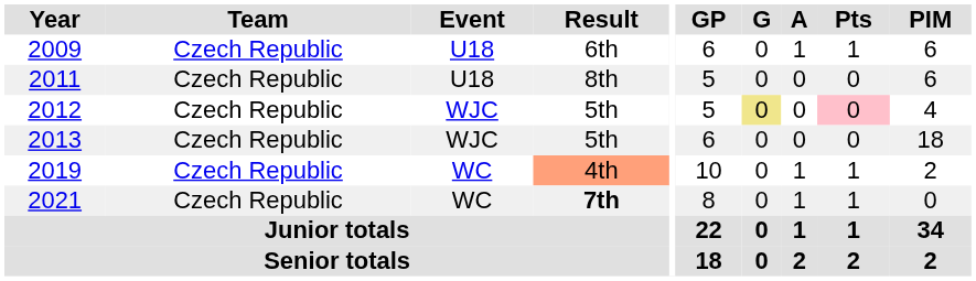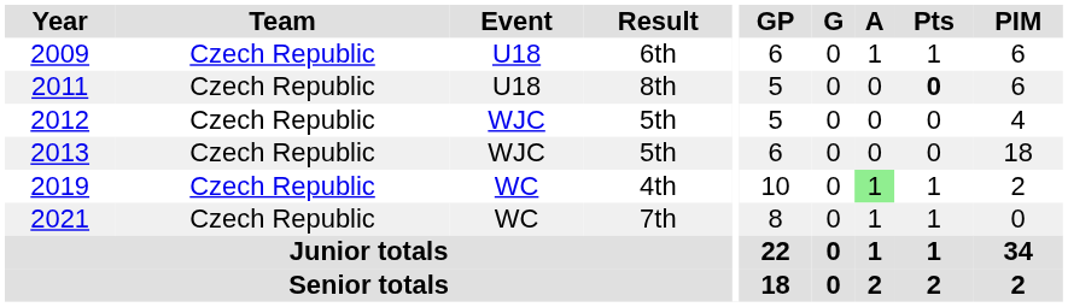 <table border="0" cellpadding="1" cellspacing="0" ID="Table3" style="text-align:center; width:40em">
 <tr ALIGN="center" bgcolor="#e0e0e0">
 <th>Year</th>
 <th>Team</th>
 <th>Event</th>
 <th>Result</th>
 <th rowspan="99" bgcolor="#ffffff"></th>
 <th>GP</th>
 <th>G</th>
 <th>A</th>
 <th>Pts</th>
 <th>PIM</th>
 </tr>
 <tr>
 <td><a href='#'>2009</a></td>
 <td><a href='#'>Czech Republic</a></td>
 <td><a href='#'>U18</a></td>
 <td>6th</td>
 <td>6</td>
 <td>0</td>
 <td>1</td>
 <td>1</td>
 <td>6</td>
 </tr>
 <tr bgcolor="#f0f0f0">
 <td><a href='#'>2011</a></td>
 <td>Czech Republic</td>
 <td>U18</td>
 <td>8th</td>
 <td>5</td>
 <td>0</td>
 <td>0</td>
-<td>0</td>
+<td><strong>0</strong></td>
 <td>6</td>
 </tr>
 <tr>
 <td><a href='#'>2012</a></td>
 <td>Czech Republic</td>
 <td><a href='#'>WJC</a></td>
 <td>5th</td>
 <td>5</td>
-<td style="background: khaki;">0</td>
 <td>0</td>
-<td style="background: pink;">0</td>
+<td>0</td>
+<td>0</td>
 <td>4</td>
 </tr>
 <tr bgcolor="#f0f0f0">
 <td><a href='#'>2013</a></td>
 <td>Czech Republic</td>
 <td>WJC</td>
 <td>5th</td>
 <td>6</td>
 <td>0</td>
 <td>0</td>
 <td>0</td>
 <td>18</td>
 </tr>
 <tr>
 <td><a href='#'>2019</a></td>
 <td><a href='#'>Czech Republic</a></td>
 <td><a href='#'>WC</a></td>
-<td style="background: lightsalmon;">4th</td>
+<td>4th</td>
 <td>10</td>
 <td>0</td>
-<td>1</td>
+<td style="background: lightgreen;">1</td>
 <td>1</td>
 <td>2</td>
 </tr>
 <tr bgcolor="#f0f0f0">
 <td><a href='#'>2021</a></td>
 <td>Czech Republic</td>
 <td>WC</td>
-<td><strong>7th</strong></td>
+<td>7th</td>
 <td>8</td>
 <td>0</td>
 <td>1</td>
 <td>1</td>
 <td>0</td>
 </tr>
 <tr ALIGN="center" bgcolor="#e0e0e0">
 <th colspan=4>Junior totals</th>
 <th>22</th>
 <th>0</th>
 <th>1</th>
 <th>1</th>
 <th>34</th>
 </tr>
 <tr ALIGN="center" bgcolor="#e0e0e0">
 <th colspan=4>Senior totals</th>
 <th>18</th>
 <th>0</th>
 <th>2</th>
 <th>2</th>
 <th>2</th>
 </tr>
 </table>
